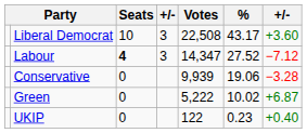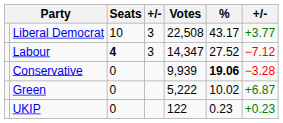 <table class="wikitable">
 <tr>
 <th colspan="2">Party</th>
 <th>Seats</th>
 <th>+/-</th>
 <th>Votes</th>
 <th>%</th>
 <th>+/-</th>
 </tr>
 <tr>
 <td style="background-color: "></td>
 <td><a href='#'>Liberal Democrat</a></td>
 <td>10</td>
 <td> 3</td>
 <td>22,508</td>
 <td>43.17</td>
-<td style="color:green">+3.60</td>
+<td style="color:green">+3.77</td>
 </tr>
 <tr>
 <td style="background-color: "></td>
 <td><a href='#'>Labour</a></td>
 <td><strong>4</strong></td>
 <td> 3</td>
 <td>14,347</td>
 <td>27.52</td>
 <td style="color:red">−7.12</td>
 </tr>
 <tr>
 <td style="background-color: "></td>
 <td><a href='#'>Conservative</a></td>
 <td>0</td>
 <td></td>
 <td>9,939</td>
-<td>19.06</td>
+<td><strong>19.06</strong></td>
 <td style="color:red">−3.28</td>
 </tr>
 <tr>
 <td style="background-color: "></td>
 <td><a href='#'>Green</a></td>
 <td>0</td>
 <td></td>
 <td>5,222</td>
 <td>10.02</td>
 <td style="color:green">+6.87</td>
 </tr>
 <tr>
 <td style="background-color: "></td>
 <td><a href='#'>UKIP</a></td>
 <td>0</td>
 <td></td>
 <td>122</td>
 <td>0.23</td>
-<td style="color:green">+0.40</td>
+<td style="color:green">+0.23</td>
 </tr>
 </table>
